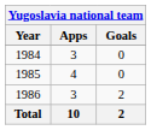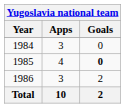 <table class="wikitable" style="text-align:center">
 <tr>
 <th colspan=3><a href='#'>Yugoslavia national team</a></th>
 </tr>
 <tr>
 <th>Year</th>
 <th>Apps</th>
 <th>Goals</th>
 </tr>
 <tr>
 </tr>
 <tr>
 <td>1984</td>
 <td>3</td>
 <td>0</td>
 </tr>
 <tr>
 <td>1985</td>
 <td>4</td>
-<td>0</td>
+<td><strong>0</strong></td>
 </tr>
 <tr>
 <td>1986</td>
 <td>3</td>
 <td>2</td>
 </tr>
 <tr>
 <th>Total</th>
 <th>10</th>
 <th>2</th>
 </tr>
 </table>
